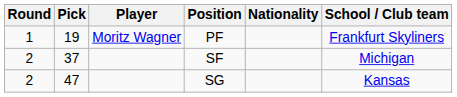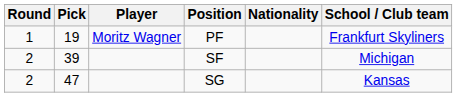 <table class="wikitable sortable sortable">
 <tr>
 <th>Round</th>
 <th>Pick</th>
 <th>Player</th>
 <th>Position</th>
 <th>Nationality</th>
 <th>School / Club team</th>
 </tr>
 <tr style="text-align: center">
 <td>1</td>
 <td>19</td>
 <td><a href='#'>Moritz Wagner</a></td>
 <td>PF</td>
 <td></td>
 <td> <a href='#'>Frankfurt Skyliners</a></td>
 </tr>
 <tr style="text-align: center">
 <td>2</td>
-<td>37</td>
+<td>39</td>
 <td></td>
 <td>SF</td>
 <td></td>
 <td><a href='#'>Michigan</a></td>
 </tr>
 <tr style="text-align: center">
 <td>2</td>
 <td>47</td>
 <td></td>
 <td>SG</td>
 <td></td>
 <td><a href='#'>Kansas</a></td>
 </tr>
 </table>
